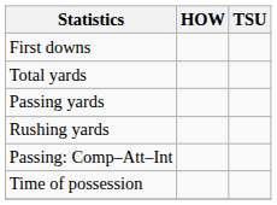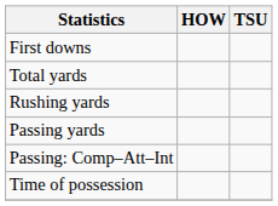 <table class="wikitable" style="float: left;">
 <tr>
 <th>Statistics</th>
 <th>HOW</th>
 <th>TSU</th>
 </tr>
 <tr>
 <td>First downs</td>
 <td></td>
 <td></td>
 </tr>
 <tr>
 <td>Total yards</td>
 <td></td>
 <td></td>
 </tr>
 <tr>
-<td>Passing yards</td>
+<td>Rushing yards</td>
 <td></td>
 <td></td>
 </tr>
 <tr>
-<td>Rushing yards</td>
+<td>Passing yards</td>
 <td></td>
 <td></td>
 </tr>
 <tr>
 <td>Passing: Comp–Att–Int</td>
 <td></td>
 <td></td>
 </tr>
 <tr>
 <td>Time of possession</td>
 <td></td>
 <td></td>
 </tr>
 <tr>
 </tr>
 </table>
